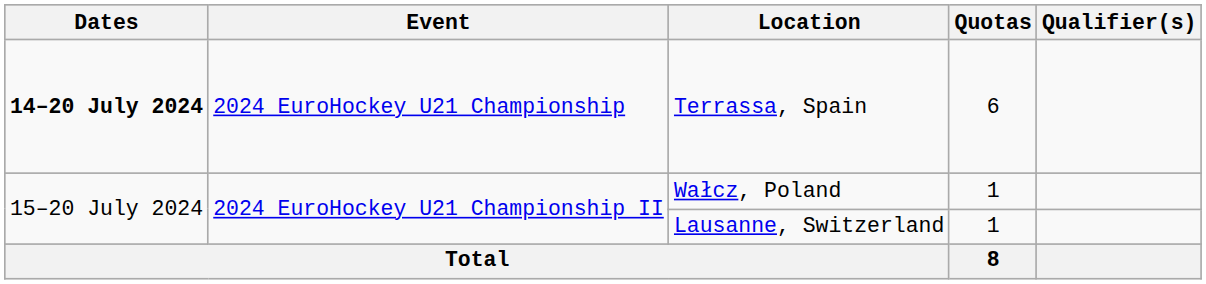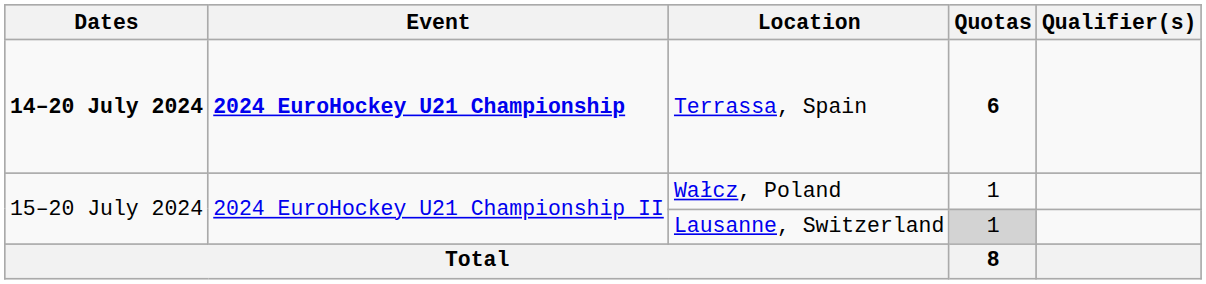 <table class="wikitable">
 <tr>
 <th>Dates</th>
 <th>Event</th>
 <th>Location</th>
 <th>Quotas</th>
 <th>Qualifier(s)</th>
 </tr>
 <tr>
 <td><strong>14–20 July 2024</strong></td>
-<td><a href='#'>2024 EuroHockey U21 Championship</a></td>
+<td><strong><a href='#'>2024 EuroHockey U21 Championship</a></strong></td>
 <td><a href='#'>Terrassa</a>, Spain</td>
-<td align=center>6</td>
+<td align=center><strong>6</strong></td>
 <td><br><br><br><br><br></td>
 </tr>
 <tr>
 <td rowspan=2>15–20 July 2024</td>
 <td rowspan=2><a href='#'>2024 EuroHockey U21 Championship II</a></td>
 <td><a href='#'>Wałcz</a>, Poland</td>
 <td align=center>1</td>
 <td></td>
 </tr>
 <tr>
 <td><a href='#'>Lausanne</a>, Switzerland</td>
-<td align=center>1</td>
+<td align=center style="background: lightgrey;">1</td>
 <td></td>
 </tr>
 <tr>
 <th colspan=3>Total</th>
 <th>8</th>
 <th></th>
 </tr>
 </table>
